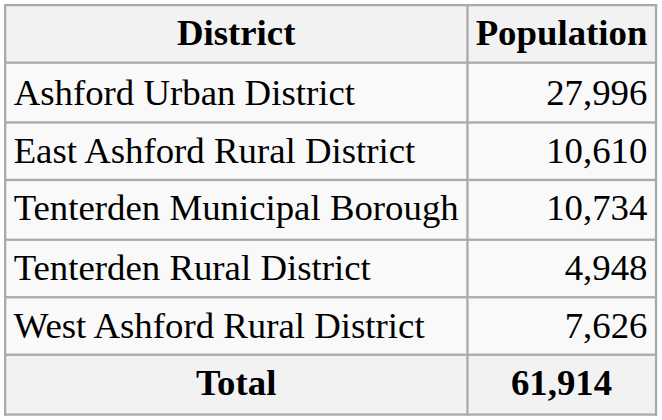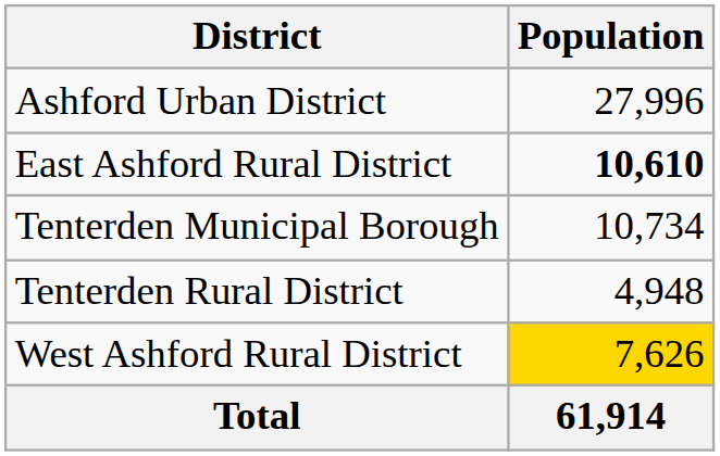 <table class="wikitable sortable">
 <tr>
 <th>District</th>
 <th>Population</th>
 </tr>
 <tr>
 <td>Ashford Urban District</td>
 <td align=right>27,996</td>
 </tr>
 <tr>
 <td>East Ashford Rural District</td>
-<td align=right>10,610</td>
+<td align=right><strong>10,610</strong></td>
 </tr>
 <tr>
 <td>Tenterden Municipal Borough</td>
 <td align=right>10,734</td>
 </tr>
 <tr>
 <td>Tenterden Rural District</td>
 <td align=right>4,948</td>
 </tr>
 <tr>
 <td>West Ashford Rural District</td>
-<td align=right>7,626</td>
+<td align=right style="background: gold;">7,626</td>
 </tr>
 <tr>
 <th>Total</th>
 <th align=right>61,914</th>
 </tr>
 </table>
